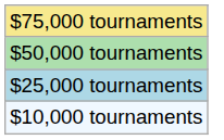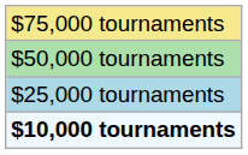 <table class="wikitable" style="font-size:85%">
 <tr style="background:#f7e98e;">
 <td>$75,000 tournaments</td>
 </tr>
 <tr style="background:#addfad;">
 <td>$50,000 tournaments</td>
 </tr>
 <tr style="background:lightblue">
 <td>$25,000 tournaments</td>
 </tr>
 <tr style="background:#f0f8ff">
-<td>$10,000 tournaments</td>
+<td><strong>$10,000 tournaments</strong></td>
 </tr>
 </table>
